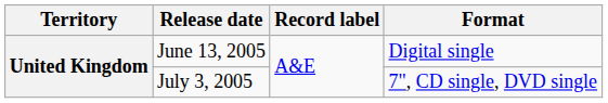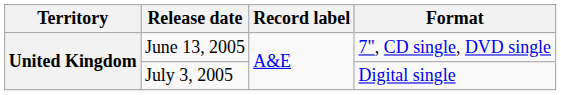 <table class="wikitable plainrowheaders">
 <tr>
 <th scope="col">Territory</th>
 <th scope="col">Release date</th>
 <th scope="col">Record label</th>
 <th scope="col">Format</th>
 </tr>
 <tr>
 <th scope="row" rowspan="2">United Kingdom</th>
 <td>June 13, 2005</td>
 <td rowspan="2"><a href='#'>A&E</a></td>
-<td><a href='#'>Digital single</a></td>
+<td><a href='#'>7"</a>, <a href='#'>CD single</a>, <a href='#'>DVD single</a></td>
 </tr>
 <tr>
 <td>July 3, 2005</td>
-<td><a href='#'>7"</a>, <a href='#'>CD single</a>, <a href='#'>DVD single</a></td>
+<td><a href='#'>Digital single</a></td>
 </tr>
 </table>
